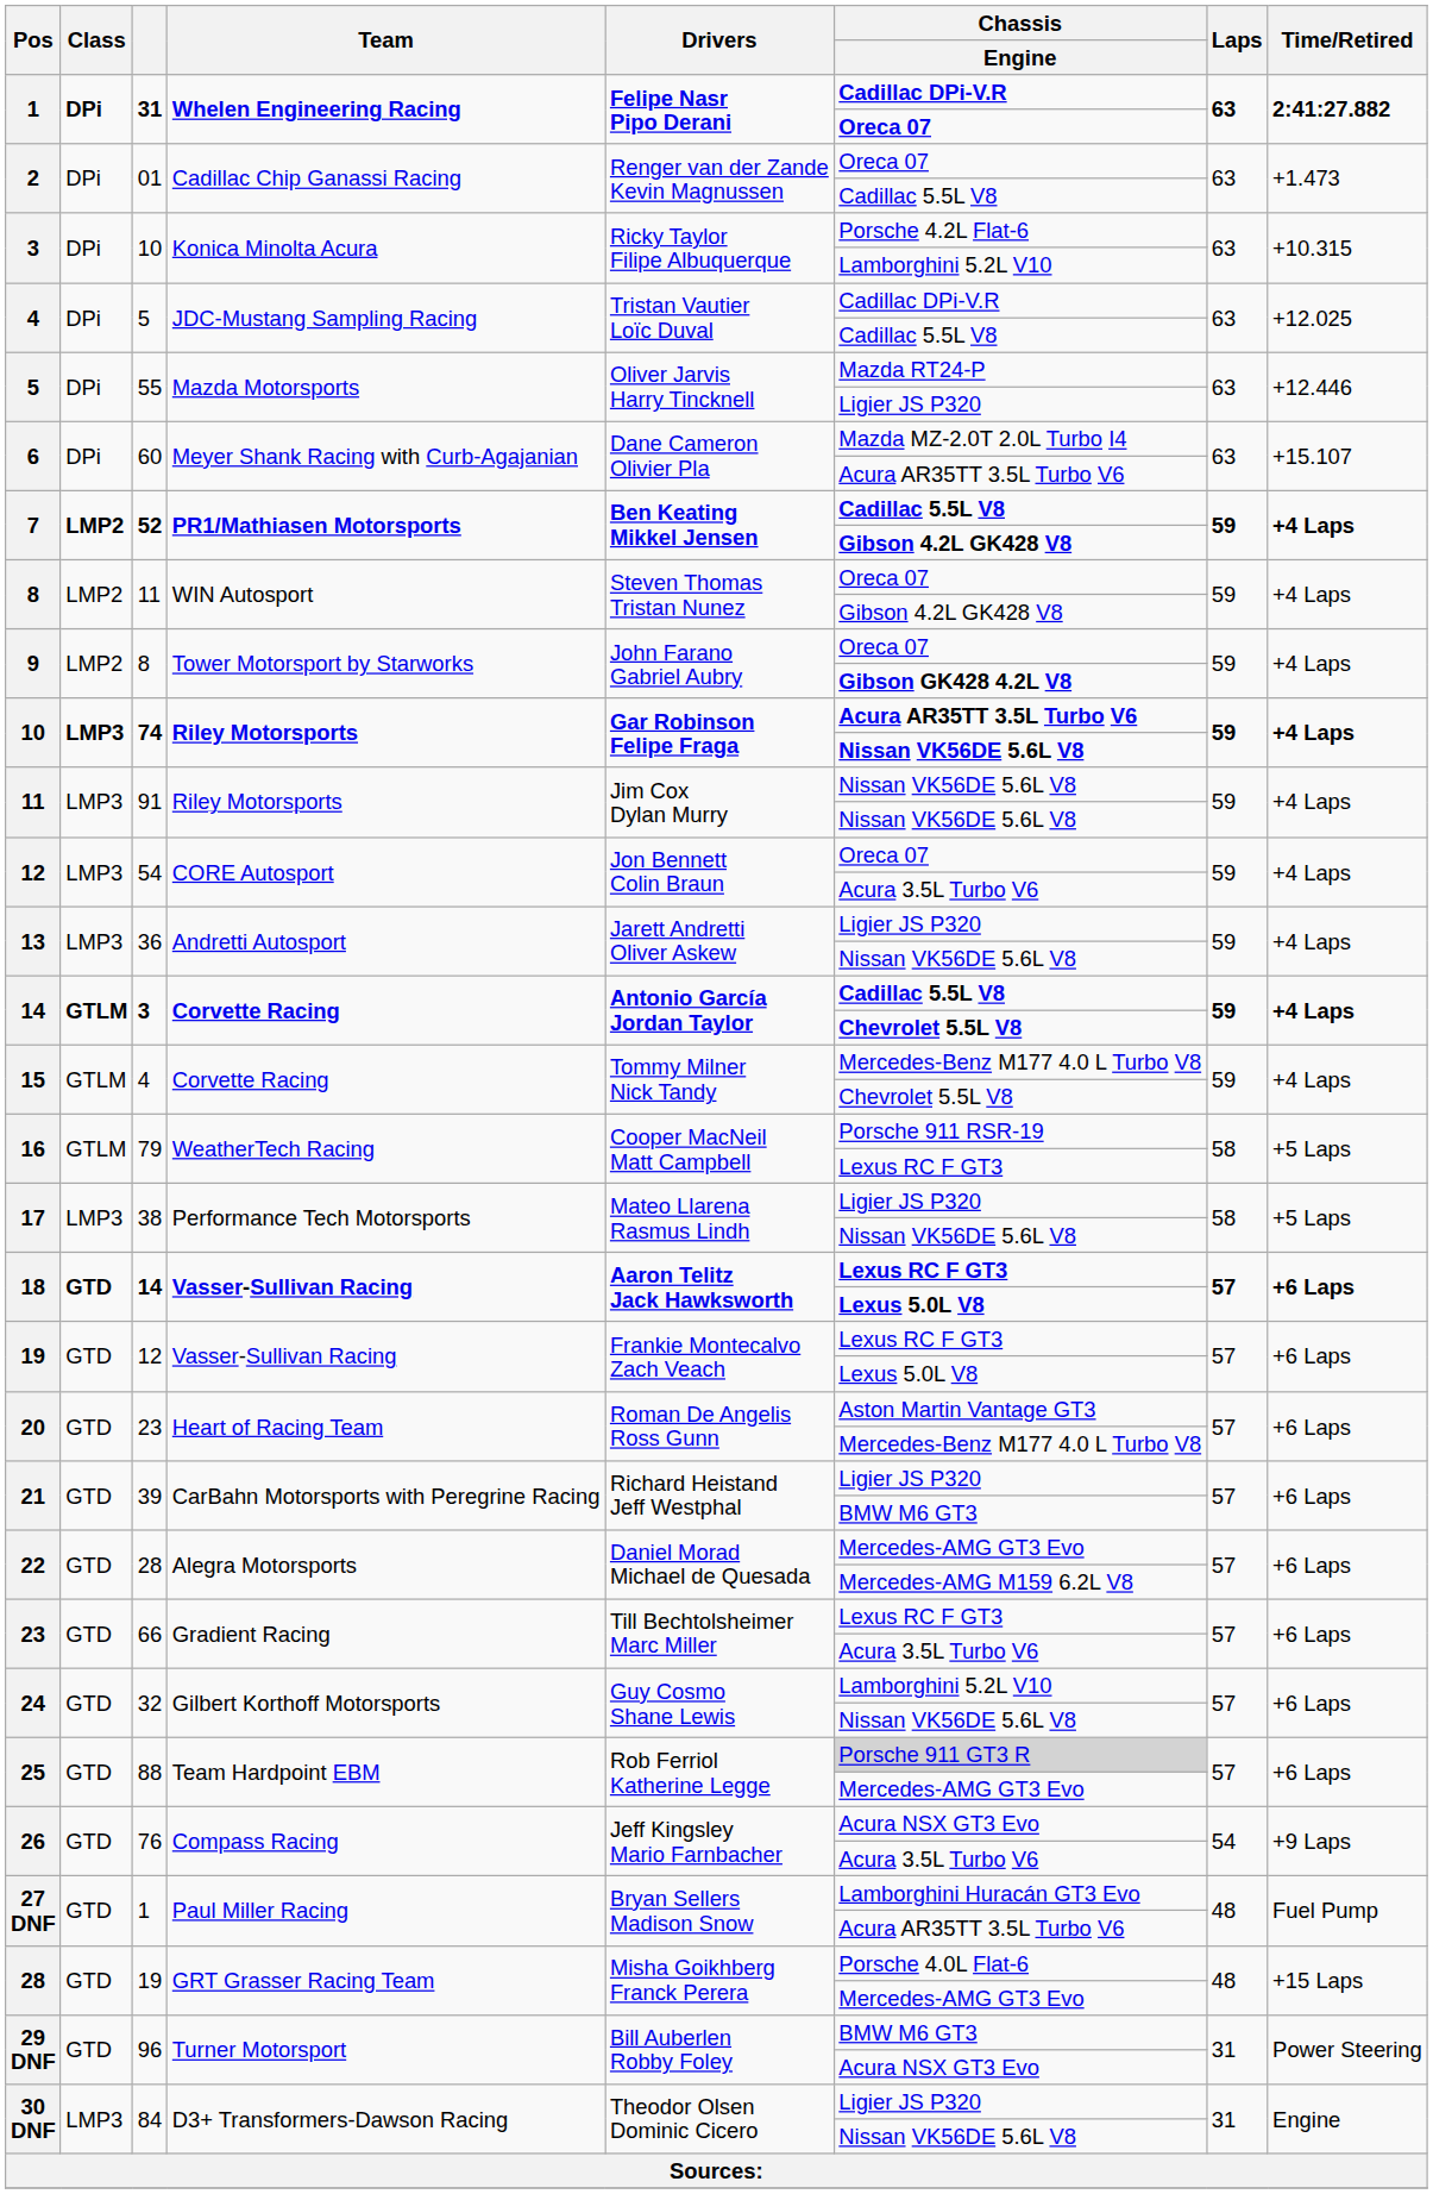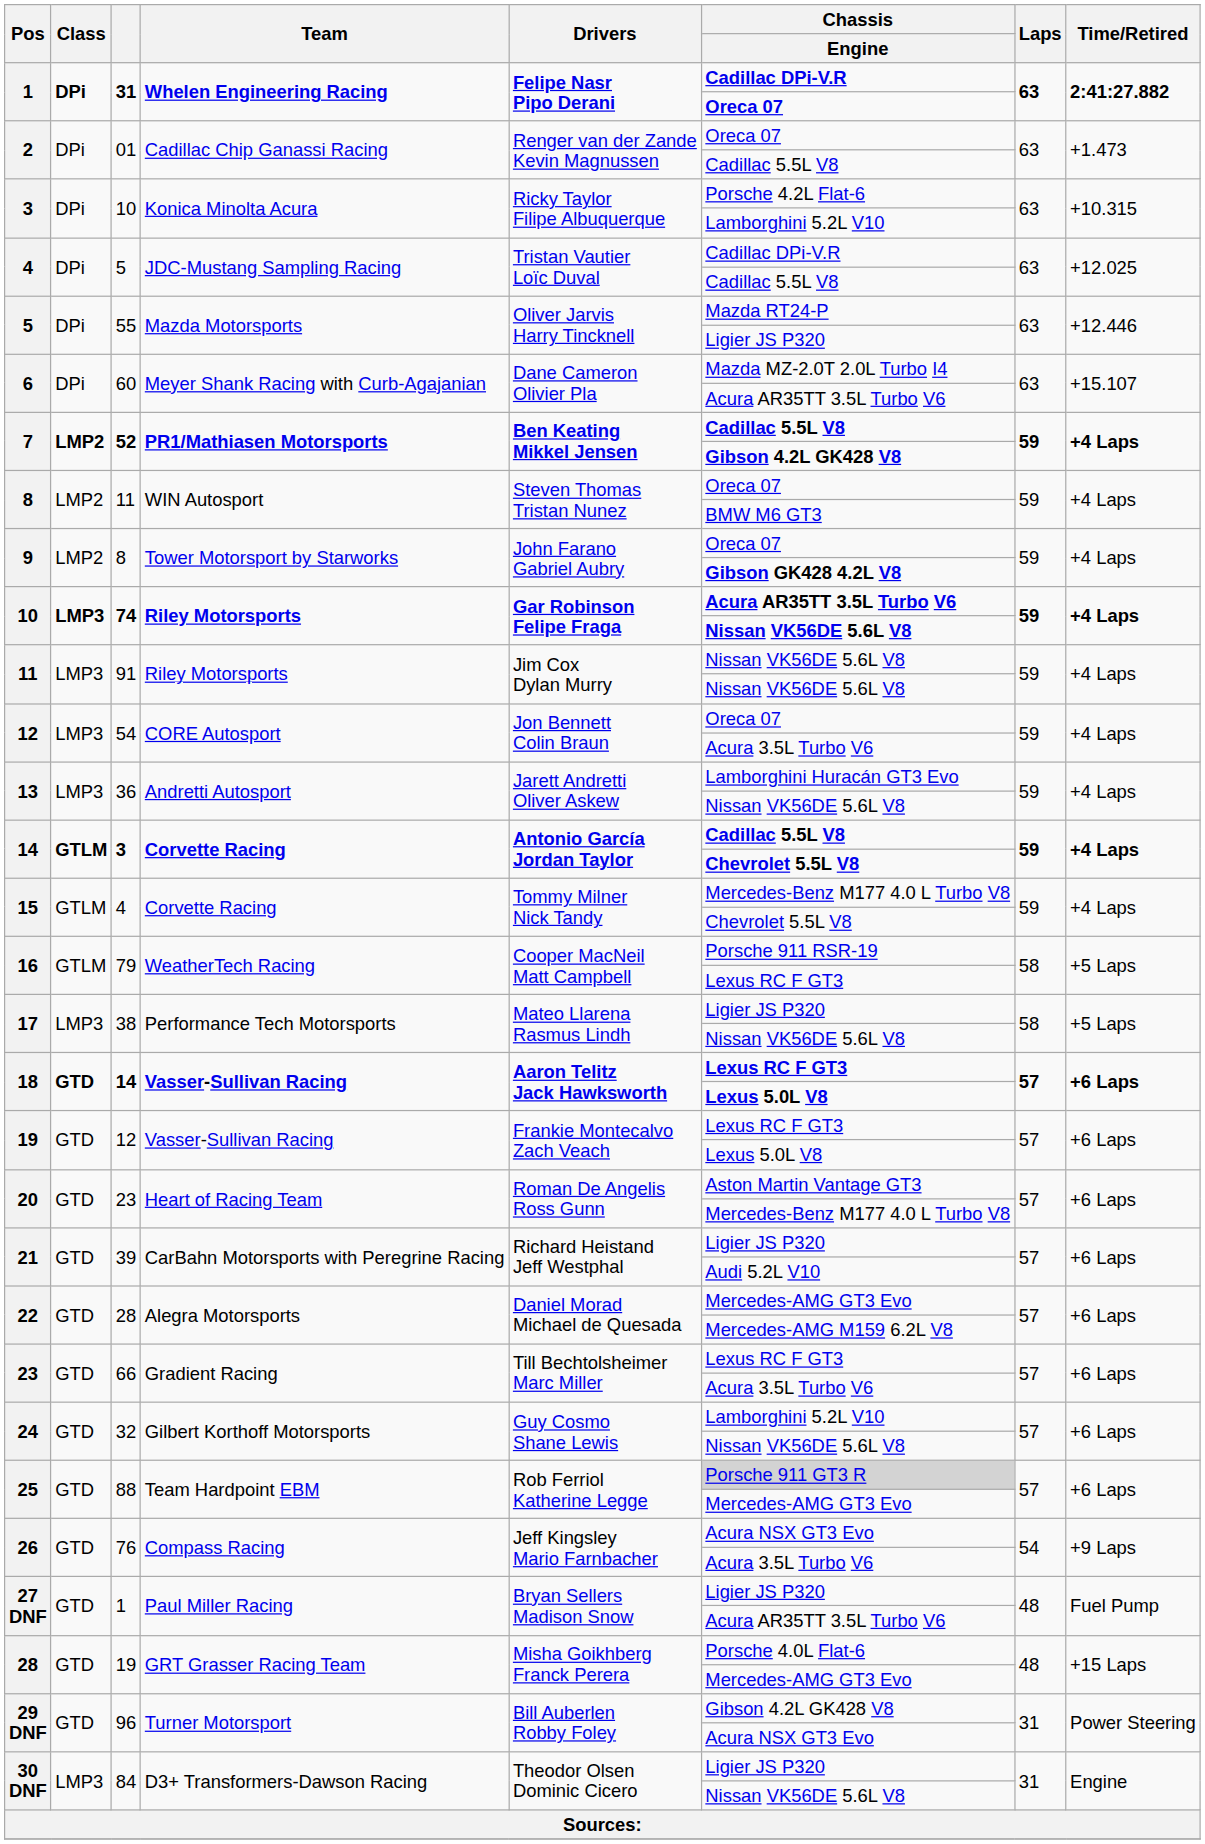 <table class="wikitable" style="font-size: 95%;">
 <tr>
 <th rowspan=2>Pos</th>
 <th rowspan=2>Class</th>
 <th rowspan=2></th>
 <th rowspan=2>Team</th>
 <th rowspan=2>Drivers</th>
 <th>Chassis</th>
 <th rowspan=2>Laps</th>
 <th rowspan=2>Time/Retired</th>
 </tr>
 <tr>
 <th>Engine</th>
 </tr>
 <tr style="font-weight:bold">
 <th rowspan=2>1</th>
 <td rowspan=2>DPi</td>
 <td rowspan=2>31</td>
 <td rowspan=2> <a href='#'>Whelen Engineering Racing</a></td>
 <td rowspan=2> <a href='#'>Felipe Nasr</a><br> <a href='#'>Pipo Derani</a></td>
 <td><a href='#'>Cadillac DPi-V.R</a></td>
 <td rowspan=2>63</td>
 <td rowspan=2>2:41:27.882</td>
 </tr>
 <tr style="font-weight:bold">
 <td><a href='#'>Oreca 07</a></td>
 </tr>
 <tr>
 <th rowspan=2>2</th>
 <td rowspan=2>DPi</td>
 <td rowspan=2>01</td>
 <td rowspan=2> <a href='#'>Cadillac Chip Ganassi Racing</a></td>
 <td rowspan=2> <a href='#'>Renger van der Zande</a><br> <a href='#'>Kevin Magnussen</a></td>
 <td><a href='#'>Oreca 07</a></td>
 <td rowspan=2>63</td>
 <td rowspan=2>+1.473</td>
 </tr>
 <tr>
 <td><a href='#'>Cadillac</a> 5.5L <a href='#'>V8</a></td>
 </tr>
 <tr>
 <th rowspan=2>3</th>
 <td rowspan=2>DPi</td>
 <td rowspan=2>10</td>
 <td rowspan=2> <a href='#'>Konica Minolta Acura</a></td>
 <td rowspan=2> <a href='#'>Ricky Taylor</a><br> <a href='#'>Filipe Albuquerque</a></td>
 <td><a href='#'>Porsche</a> 4.2L <a href='#'>Flat-6</a></td>
 <td rowspan=2>63</td>
 <td rowspan=2>+10.315</td>
 </tr>
 <tr>
 <td><a href='#'>Lamborghini</a> 5.2L <a href='#'>V10</a></td>
 </tr>
 <tr>
 <th rowspan=2>4</th>
 <td rowspan=2>DPi</td>
 <td rowspan=2>5</td>
 <td rowspan=2> <a href='#'>JDC-Mustang Sampling Racing</a></td>
 <td rowspan=2> <a href='#'>Tristan Vautier</a><br> <a href='#'>Loïc Duval</a></td>
 <td><a href='#'>Cadillac DPi-V.R</a></td>
 <td rowspan=2>63</td>
 <td rowspan=2>+12.025</td>
 </tr>
 <tr>
 <td><a href='#'>Cadillac</a> 5.5L <a href='#'>V8</a></td>
 </tr>
 <tr>
 <th rowspan=2>5</th>
 <td rowspan=2>DPi</td>
 <td rowspan=2>55</td>
 <td rowspan=2> <a href='#'>Mazda Motorsports</a></td>
 <td rowspan=2> <a href='#'>Oliver Jarvis</a><br> <a href='#'>Harry Tincknell</a></td>
 <td><a href='#'>Mazda RT24-P</a></td>
 <td rowspan=2>63</td>
 <td rowspan=2>+12.446</td>
 </tr>
 <tr>
 <td><a href='#'>Ligier JS P320</a></td>
 </tr>
 <tr>
 <th rowspan=2>6</th>
 <td rowspan=2>DPi</td>
 <td rowspan=2>60</td>
 <td rowspan=2> <a href='#'>Meyer Shank Racing</a> with <a href='#'>Curb-Agajanian</a></td>
 <td rowspan=2> <a href='#'>Dane Cameron</a><br> <a href='#'>Olivier Pla</a></td>
 <td><a href='#'>Mazda</a> MZ-2.0T 2.0L <a href='#'>Turbo</a> <a href='#'>I4</a></td>
 <td rowspan=2>63</td>
 <td rowspan=2>+15.107</td>
 </tr>
 <tr>
 <td><a href='#'>Acura</a> AR35TT 3.5L <a href='#'>Turbo</a> <a href='#'>V6</a></td>
 </tr>
 <tr style="font-weight:bold">
 <th rowspan=2>7</th>
 <td rowspan=2>LMP2</td>
 <td rowspan=2>52</td>
 <td rowspan=2> <a href='#'>PR1/Mathiasen Motorsports</a></td>
 <td rowspan=2> <a href='#'>Ben Keating</a><br> <a href='#'>Mikkel Jensen</a></td>
 <td><a href='#'>Cadillac</a> 5.5L <a href='#'>V8</a></td>
 <td rowspan=2>59</td>
 <td rowspan=2>+4 Laps</td>
 </tr>
 <tr style="font-weight:bold">
 <td><a href='#'>Gibson</a> 4.2L GK428 <a href='#'>V8</a></td>
 </tr>
 <tr>
 <th rowspan=2>8</th>
 <td rowspan=2>LMP2</td>
 <td rowspan=2>11</td>
 <td rowspan=2> WIN Autosport</td>
 <td rowspan=2> <a href='#'>Steven Thomas</a><br> <a href='#'>Tristan Nunez</a></td>
 <td><a href='#'>Oreca 07</a></td>
 <td rowspan=2>59</td>
 <td rowspan=2>+4 Laps</td>
 </tr>
 <tr>
-<td><a href='#'>Gibson</a> 4.2L GK428 <a href='#'>V8</a></td>
+<td><a href='#'>BMW M6 GT3</a></td>
 </tr>
 <tr>
 <th rowspan=2>9</th>
 <td rowspan=2>LMP2</td>
 <td rowspan=2>8</td>
 <td rowspan=2> <a href='#'>Tower Motorsport by Starworks</a></td>
 <td rowspan=2> <a href='#'>John Farano</a><br> <a href='#'>Gabriel Aubry</a></td>
 <td><a href='#'>Oreca 07</a></td>
 <td rowspan=2>59</td>
 <td rowspan=2>+4 Laps</td>
 </tr>
 <tr>
 <td><strong><a href='#'>Gibson</a> GK428 4.2L <a href='#'>V8</a></strong></td>
 </tr>
 <tr style="font-weight:bold">
 <th rowspan=2>10</th>
 <td rowspan=2>LMP3</td>
 <td rowspan=2>74</td>
 <td rowspan=2> <a href='#'>Riley Motorsports</a></td>
 <td rowspan=2> <a href='#'>Gar Robinson</a><br> <a href='#'>Felipe Fraga</a></td>
 <td><a href='#'>Acura</a> AR35TT 3.5L <a href='#'>Turbo</a> <a href='#'>V6</a></td>
 <td rowspan=2>59</td>
 <td rowspan=2>+4 Laps</td>
 </tr>
 <tr style="font-weight:bold">
 <td><a href='#'>Nissan</a> <a href='#'>VK56DE</a> 5.6L <a href='#'>V8</a></td>
 </tr>
 <tr>
 <th rowspan=2>11</th>
 <td rowspan=2>LMP3</td>
 <td rowspan=2>91</td>
 <td rowspan=2> <a href='#'>Riley Motorsports</a></td>
 <td rowspan=2> Jim Cox<br> Dylan Murry</td>
 <td><a href='#'>Nissan</a> <a href='#'>VK56DE</a> 5.6L <a href='#'>V8</a></td>
 <td rowspan=2>59</td>
 <td rowspan=2>+4 Laps</td>
 </tr>
 <tr>
 <td><a href='#'>Nissan</a> <a href='#'>VK56DE</a> 5.6L <a href='#'>V8</a></td>
 </tr>
 <tr>
 <th rowspan=2>12</th>
 <td rowspan=2>LMP3</td>
 <td rowspan=2>54</td>
 <td rowspan=2> <a href='#'>CORE Autosport</a></td>
 <td rowspan=2> <a href='#'>Jon Bennett</a><br> <a href='#'>Colin Braun</a></td>
 <td><a href='#'>Oreca 07</a></td>
 <td rowspan=2>59</td>
 <td rowspan=2>+4 Laps</td>
 </tr>
 <tr>
 <td><a href='#'>Acura</a> 3.5L <a href='#'>Turbo</a> <a href='#'>V6</a></td>
 </tr>
 <tr>
 <th rowspan=2>13</th>
 <td rowspan=2>LMP3</td>
 <td rowspan=2>36</td>
 <td rowspan=2> <a href='#'>Andretti Autosport</a></td>
 <td rowspan=2> <a href='#'>Jarett Andretti</a><br> <a href='#'>Oliver Askew</a></td>
-<td><a href='#'>Ligier JS P320</a></td>
+<td><a href='#'>Lamborghini Huracán GT3 Evo</a></td>
 <td rowspan=2>59</td>
 <td rowspan=2>+4 Laps</td>
 </tr>
 <tr>
 <td><a href='#'>Nissan</a> <a href='#'>VK56DE</a> 5.6L <a href='#'>V8</a></td>
 </tr>
 <tr style="font-weight:bold">
 <th rowspan=2>14</th>
 <td rowspan=2>GTLM</td>
 <td rowspan=2>3</td>
 <td rowspan=2> <a href='#'>Corvette Racing</a></td>
 <td rowspan=2> <a href='#'>Antonio García</a><br> <a href='#'>Jordan Taylor</a></td>
 <td><a href='#'>Cadillac</a> 5.5L <a href='#'>V8</a></td>
 <td rowspan=2>59</td>
 <td rowspan=2>+4 Laps</td>
 </tr>
 <tr style="font-weight:bold">
 <td><a href='#'>Chevrolet</a> 5.5L <a href='#'>V8</a></td>
 </tr>
 <tr>
 <th rowspan=2>15</th>
 <td rowspan=2>GTLM</td>
 <td rowspan=2>4</td>
 <td rowspan=2> <a href='#'>Corvette Racing</a></td>
 <td rowspan=2> <a href='#'>Tommy Milner</a><br> <a href='#'>Nick Tandy</a></td>
 <td><a href='#'>Mercedes-Benz</a> M177 4.0 L <a href='#'>Turbo</a> <a href='#'>V8</a></td>
 <td rowspan=2>59</td>
 <td rowspan=2>+4 Laps</td>
 </tr>
 <tr>
 <td><a href='#'>Chevrolet</a> 5.5L <a href='#'>V8</a></td>
 </tr>
 <tr>
 <th rowspan=2>16</th>
 <td rowspan=2>GTLM</td>
 <td rowspan=2>79</td>
 <td rowspan=2> <a href='#'>WeatherTech Racing</a></td>
 <td rowspan=2> <a href='#'>Cooper MacNeil</a><br> <a href='#'>Matt Campbell</a></td>
 <td><a href='#'>Porsche 911 RSR-19</a></td>
 <td rowspan=2>58</td>
 <td rowspan=2>+5 Laps</td>
 </tr>
 <tr>
 <td><a href='#'>Lexus RC F GT3</a></td>
 </tr>
 <tr>
 <th rowspan=2>17</th>
 <td rowspan=2>LMP3</td>
 <td rowspan=2>38</td>
 <td rowspan=2> Performance Tech Motorsports</td>
 <td rowspan=2> <a href='#'>Mateo Llarena</a><br> <a href='#'>Rasmus Lindh</a></td>
 <td><a href='#'>Ligier JS P320</a></td>
 <td rowspan=2>58</td>
 <td rowspan=2>+5 Laps</td>
 </tr>
 <tr>
 <td><a href='#'>Nissan</a> <a href='#'>VK56DE</a> 5.6L <a href='#'>V8</a></td>
 </tr>
 <tr style="font-weight:bold">
 <th rowspan=2>18</th>
 <td rowspan=2>GTD</td>
 <td rowspan=2>14</td>
 <td rowspan=2> <a href='#'>Vasser</a>-<a href='#'>Sullivan Racing</a></td>
 <td rowspan=2> <a href='#'>Aaron Telitz</a><br> <a href='#'>Jack Hawksworth</a></td>
 <td><a href='#'>Lexus RC F GT3</a></td>
 <td rowspan=2>57</td>
 <td rowspan=2>+6 Laps</td>
 </tr>
 <tr style="font-weight:bold">
 <td><a href='#'>Lexus</a> 5.0L <a href='#'>V8</a></td>
 </tr>
 <tr>
 <th rowspan=2>19</th>
 <td rowspan=2>GTD</td>
 <td rowspan=2>12</td>
 <td rowspan=2> <a href='#'>Vasser</a>-<a href='#'>Sullivan Racing</a></td>
 <td rowspan=2> <a href='#'>Frankie Montecalvo</a><br> <a href='#'>Zach Veach</a></td>
 <td><a href='#'>Lexus RC F GT3</a></td>
 <td rowspan=2>57</td>
 <td rowspan=2>+6 Laps</td>
 </tr>
 <tr>
 <td><a href='#'>Lexus</a> 5.0L <a href='#'>V8</a></td>
 </tr>
 <tr>
 <th rowspan=2>20</th>
 <td rowspan=2>GTD</td>
 <td rowspan=2>23</td>
 <td rowspan=2> <a href='#'>Heart of Racing Team</a></td>
 <td rowspan=2> <a href='#'>Roman De Angelis</a><br> <a href='#'>Ross Gunn</a></td>
 <td><a href='#'>Aston Martin Vantage GT3</a></td>
 <td rowspan=2>57</td>
 <td rowspan=2>+6 Laps</td>
 </tr>
 <tr>
 <td><a href='#'>Mercedes-Benz</a> M177 4.0 L <a href='#'>Turbo</a> <a href='#'>V8</a></td>
 </tr>
 <tr>
 <th rowspan=2>21</th>
 <td rowspan=2>GTD</td>
 <td rowspan=2>39</td>
 <td rowspan=2> CarBahn Motorsports with Peregrine Racing</td>
 <td rowspan=2> Richard Heistand<br> Jeff Westphal</td>
 <td><a href='#'>Ligier JS P320</a></td>
 <td rowspan=2>57</td>
 <td rowspan=2>+6 Laps</td>
 </tr>
 <tr>
-<td><a href='#'>BMW M6 GT3</a></td>
+<td><a href='#'>Audi</a> 5.2L <a href='#'>V10</a></td>
 </tr>
 <tr>
 <th rowspan=2>22</th>
 <td rowspan=2>GTD</td>
 <td rowspan=2>28</td>
 <td rowspan=2> Alegra Motorsports</td>
 <td rowspan=2> <a href='#'>Daniel Morad</a><br> Michael de Quesada</td>
 <td><a href='#'>Mercedes-AMG GT3 Evo</a></td>
 <td rowspan=2>57</td>
 <td rowspan=2>+6 Laps</td>
 </tr>
 <tr>
 <td><a href='#'>Mercedes-AMG M159</a> 6.2L <a href='#'>V8</a></td>
 </tr>
 <tr>
 <th rowspan=2>23</th>
 <td rowspan=2>GTD</td>
 <td rowspan=2>66</td>
 <td rowspan=2> Gradient Racing</td>
 <td rowspan=2> Till Bechtolsheimer<br> <a href='#'>Marc Miller</a></td>
 <td><a href='#'>Lexus RC F GT3</a></td>
 <td rowspan=2>57</td>
 <td rowspan=2>+6 Laps</td>
 </tr>
 <tr>
 <td><a href='#'>Acura</a> 3.5L <a href='#'>Turbo</a> <a href='#'>V6</a></td>
 </tr>
 <tr>
 <th rowspan=2>24</th>
 <td rowspan=2>GTD</td>
 <td rowspan=2>32</td>
 <td rowspan=2> Gilbert Korthoff Motorsports</td>
 <td rowspan=2> <a href='#'>Guy Cosmo</a><br> <a href='#'>Shane Lewis</a></td>
 <td><a href='#'>Lamborghini</a> 5.2L <a href='#'>V10</a></td>
 <td rowspan=2>57</td>
 <td rowspan=2>+6 Laps</td>
 </tr>
 <tr>
 <td><a href='#'>Nissan</a> <a href='#'>VK56DE</a> 5.6L <a href='#'>V8</a></td>
 </tr>
 <tr>
 <th rowspan=2>25</th>
 <td rowspan=2>GTD</td>
 <td rowspan=2>88</td>
 <td rowspan=2> Team Hardpoint <a href='#'>EBM</a></td>
 <td rowspan=2> Rob Ferriol<br> <a href='#'>Katherine Legge</a></td>
 <td style="background: lightgrey;"><a href='#'>Porsche 911 GT3 R</a></td>
 <td rowspan=2>57</td>
 <td rowspan=2>+6 Laps</td>
 </tr>
 <tr>
 <td><a href='#'>Mercedes-AMG GT3 Evo</a></td>
 </tr>
 <tr>
 <th rowspan=2>26</th>
 <td rowspan=2>GTD</td>
 <td rowspan=2>76</td>
 <td rowspan=2> <a href='#'>Compass Racing</a></td>
 <td rowspan=2> Jeff Kingsley<br> <a href='#'>Mario Farnbacher</a></td>
 <td><a href='#'>Acura NSX GT3 Evo</a></td>
 <td rowspan=2>54</td>
 <td rowspan=2>+9 Laps</td>
 </tr>
 <tr>
 <td><a href='#'>Acura</a> 3.5L <a href='#'>Turbo</a> <a href='#'>V6</a></td>
 </tr>
 <tr>
 <th rowspan=2>27<br>DNF</th>
 <td rowspan=2>GTD</td>
 <td rowspan=2>1</td>
 <td rowspan=2> <a href='#'>Paul Miller Racing</a></td>
 <td rowspan=2> <a href='#'>Bryan Sellers</a><br> <a href='#'>Madison Snow</a></td>
-<td><a href='#'>Lamborghini Huracán GT3 Evo</a></td>
+<td><a href='#'>Ligier JS P320</a></td>
 <td rowspan=2>48</td>
 <td rowspan=2>Fuel Pump</td>
 </tr>
 <tr>
 <td><a href='#'>Acura</a> AR35TT 3.5L <a href='#'>Turbo</a> <a href='#'>V6</a></td>
 </tr>
 <tr>
 <th rowspan=2>28</th>
 <td rowspan=2>GTD</td>
 <td rowspan=2>19</td>
 <td rowspan=2> <a href='#'>GRT Grasser Racing Team</a></td>
 <td rowspan=2> <a href='#'>Misha Goikhberg</a><br> <a href='#'>Franck Perera</a></td>
 <td><a href='#'>Porsche</a> 4.0L <a href='#'>Flat-6</a></td>
 <td rowspan=2>48</td>
 <td rowspan=2>+15 Laps</td>
 </tr>
 <tr>
 <td><a href='#'>Mercedes-AMG GT3 Evo</a></td>
 </tr>
 <tr>
 <th rowspan=2>29<br>DNF</th>
 <td rowspan=2>GTD</td>
 <td rowspan=2>96</td>
 <td rowspan=2> <a href='#'>Turner Motorsport</a></td>
 <td rowspan=2> <a href='#'>Bill Auberlen</a><br> <a href='#'>Robby Foley</a></td>
-<td><a href='#'>BMW M6 GT3</a></td>
+<td><a href='#'>Gibson</a> 4.2L GK428 <a href='#'>V8</a></td>
 <td rowspan=2>31</td>
 <td rowspan=2>Power Steering</td>
 </tr>
 <tr>
 <td><a href='#'>Acura NSX GT3 Evo</a></td>
 </tr>
 <tr>
 <th rowspan=2>30<br>DNF</th>
 <td rowspan=2>LMP3</td>
 <td rowspan=2>84</td>
 <td rowspan=2> D3+ Transformers-Dawson Racing</td>
 <td rowspan=2> Theodor Olsen<br> Dominic Cicero</td>
 <td><a href='#'>Ligier JS P320</a></td>
 <td rowspan=2>31</td>
 <td rowspan=2>Engine</td>
 </tr>
 <tr>
 <td><a href='#'>Nissan</a> <a href='#'>VK56DE</a> 5.6L <a href='#'>V8</a></td>
 </tr>
 <tr>
 <th colspan=8 align=center>Sources:</th>
 </tr>
 <tr>
 </tr>
 </table>
